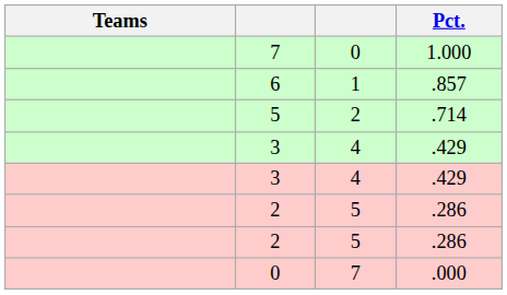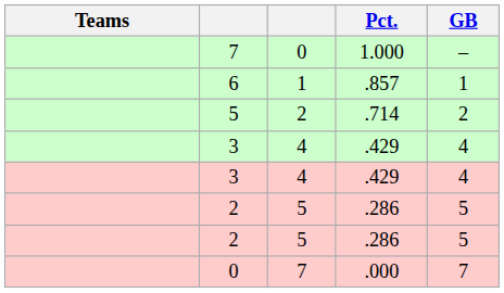 <table class="wikitable" width="400" style=text-align:center;">
 <tr>
 <th width="20%">Teams</th>
 <th width="7%"></th>
 <th width="7%"></th>
 <th width="8%"><a href='#'>Pct.</a></th>
+<th width="7%"><a href='#'>GB</a></th>
 </tr>
 <tr style="background-color:#cfc">
 <td align=left></td>
 <td>7</td>
 <td>0</td>
 <td>1.000</td>
+<td>–</td>
 </tr>
 <tr style="background-color:#cfc">
 <td align=left></td>
 <td>6</td>
 <td>1</td>
 <td>.857</td>
+<td>1</td>
 </tr>
 <tr style="background-color:#cfc">
 <td align=left></td>
 <td>5</td>
 <td>2</td>
 <td>.714</td>
+<td>2</td>
 </tr>
 <tr style="background-color:#cfc">
 <td align=left></td>
 <td>3</td>
 <td>4</td>
 <td>.429</td>
+<td>4</td>
 </tr>
 <tr style="background-color:#fcc">
 <td align=left></td>
 <td>3</td>
 <td>4</td>
 <td>.429</td>
+<td>4</td>
 </tr>
 <tr style="background-color:#fcc">
 <td align=left></td>
 <td>2</td>
 <td>5</td>
 <td>.286</td>
+<td>5</td>
 </tr>
 <tr style="background-color:#fcc">
 <td align=left></td>
 <td>2</td>
 <td>5</td>
 <td>.286</td>
+<td>5</td>
 </tr>
 <tr style="background-color:#fcc">
 <td align=left></td>
 <td>0</td>
 <td>7</td>
 <td>.000</td>
+<td>7</td>
 </tr>
 </table>
